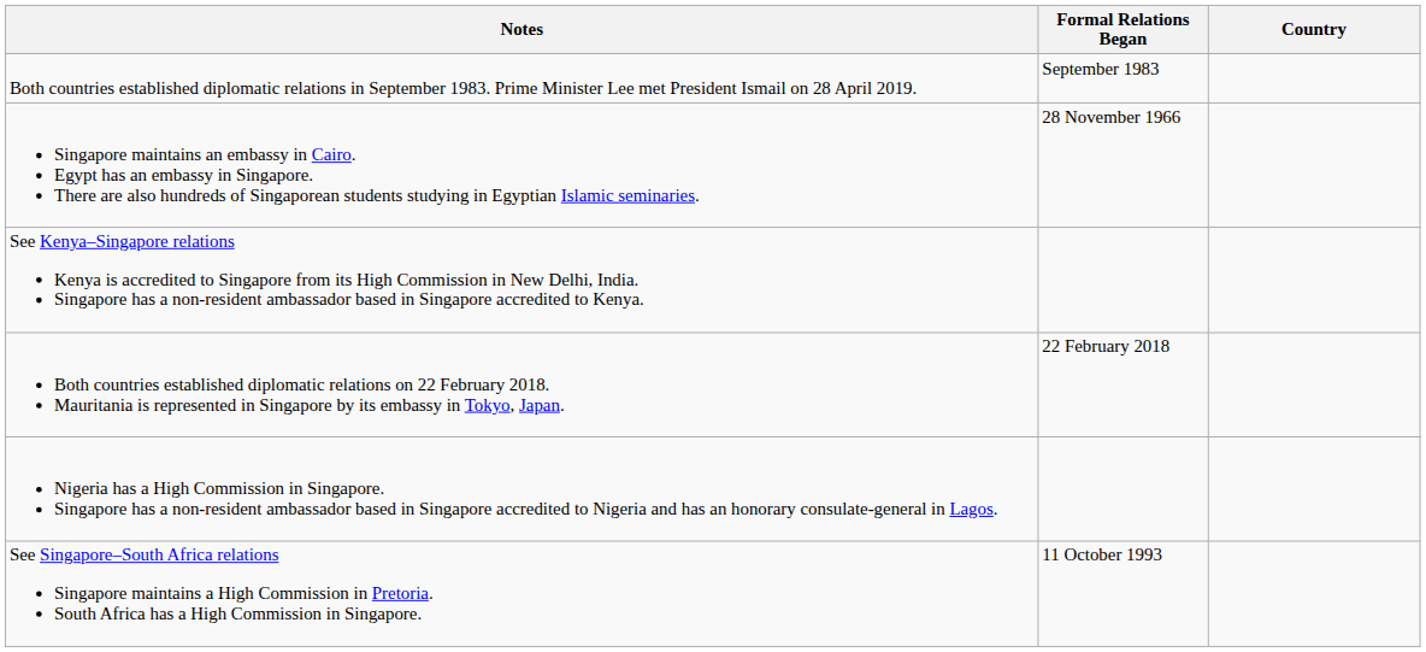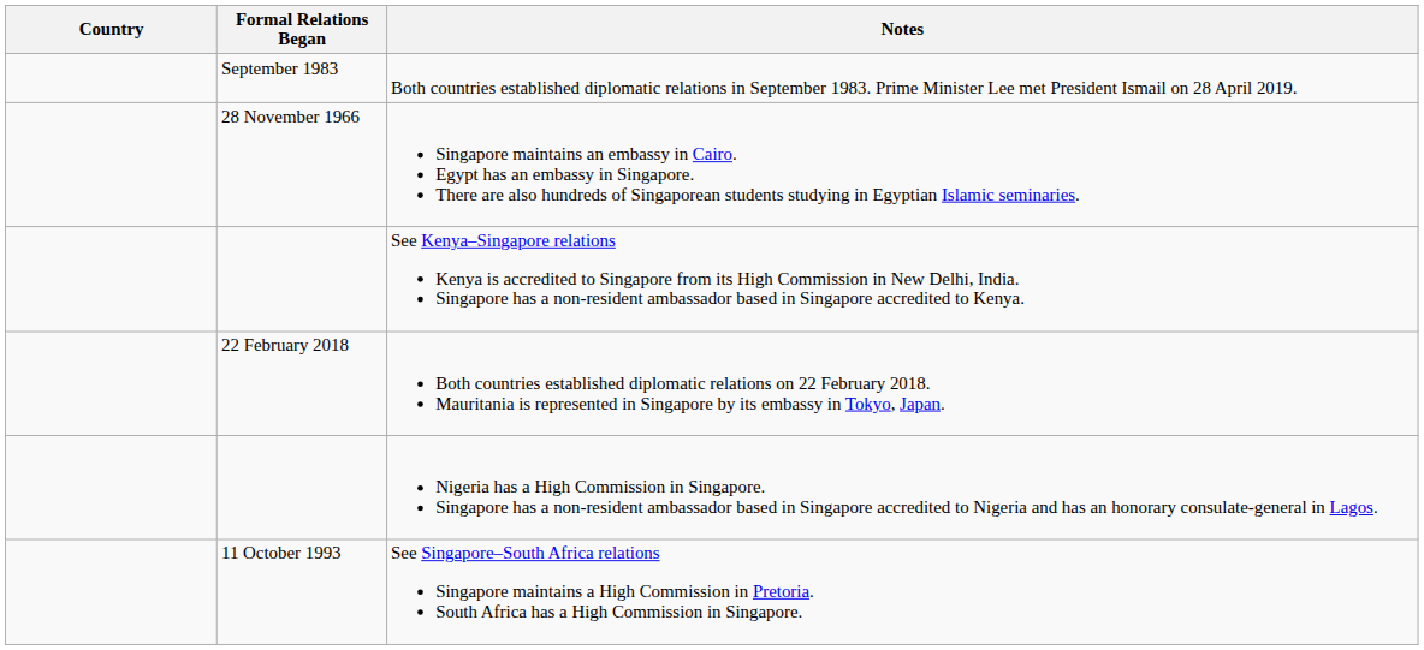 <table class="wikitable sortable" style="width:100%; margin:auto;">
 <tr>
+<th style="width:15%;">Country</th>
+<th style="width:12%;">Formal Relations Began</th>
 <th>Notes</th>
-<th style="width:12%;">Formal Relations Began</th>
-<th style="width:15%;">Country</th>
 </tr>
 <tr valign="top">
+<td></td>
+<td> September 1983</td>
 <td><br>Both countries established diplomatic relations in September 1983. Prime Minister Lee met President Ismail on 28 April 2019.</td>
-<td> September 1983</td>
-<td></td>
 </tr>
 <tr valign="top">
+<td></td>
+<td>28 November 1966</td>
 <td><br><ul><li>Singapore maintains an embassy in <a href='#'>Cairo</a>.</li><li>Egypt has an embassy in Singapore.</li><li>There are also hundreds of Singaporean students studying in Egyptian <a href='#'>Islamic seminaries</a>.</li></ul></td>
-<td>28 November 1966</td>
-<td></td>
 </tr>
 <tr valign="top">
-<td>See <a href='#'>Kenya–Singapore relations</a><br><ul><li>Kenya is accredited to Singapore from its High Commission in New Delhi, India.</li><li>Singapore has a non-resident ambassador based in Singapore accredited to Kenya.</li></ul></td>
 <td></td>
 <td></td>
+<td>See <a href='#'>Kenya–Singapore relations</a><br><ul><li>Kenya is accredited to Singapore from its High Commission in New Delhi, India.</li><li>Singapore has a non-resident ambassador based in Singapore accredited to Kenya.</li></ul></td>
 </tr>
 <tr valign="top">
+<td></td>
+<td>22 February 2018</td>
 <td><br><ul><li>Both countries established diplomatic relations on 22 February 2018.</li><li>Mauritania is represented in Singapore by its embassy in <a href='#'>Tokyo</a>, <a href='#'>Japan</a>.</li></ul></td>
-<td>22 February 2018</td>
-<td></td>
 </tr>
 <tr valign="top">
-<td><br><ul><li>Nigeria has a High Commission in Singapore.</li><li>Singapore has a non-resident ambassador based in Singapore accredited to Nigeria and has an honorary consulate-general in <a href='#'>Lagos</a>.</li></ul></td>
 <td></td>
 <td></td>
+<td><br><ul><li>Nigeria has a High Commission in Singapore.</li><li>Singapore has a non-resident ambassador based in Singapore accredited to Nigeria and has an honorary consulate-general in <a href='#'>Lagos</a>.</li></ul></td>
 </tr>
 <tr valign="top">
+<td></td>
+<td>11 October 1993</td>
 <td>See <a href='#'>Singapore–South Africa relations</a><br><ul><li>Singapore maintains a High Commission in <a href='#'>Pretoria</a>.</li><li>South Africa has a High Commission in Singapore.</li></ul></td>
-<td>11 October 1993</td>
-<td></td>
 </tr>
 </table>
